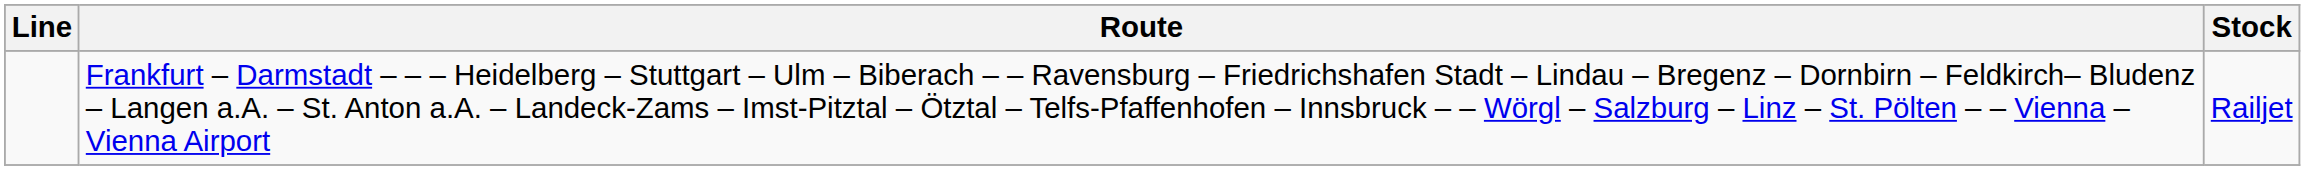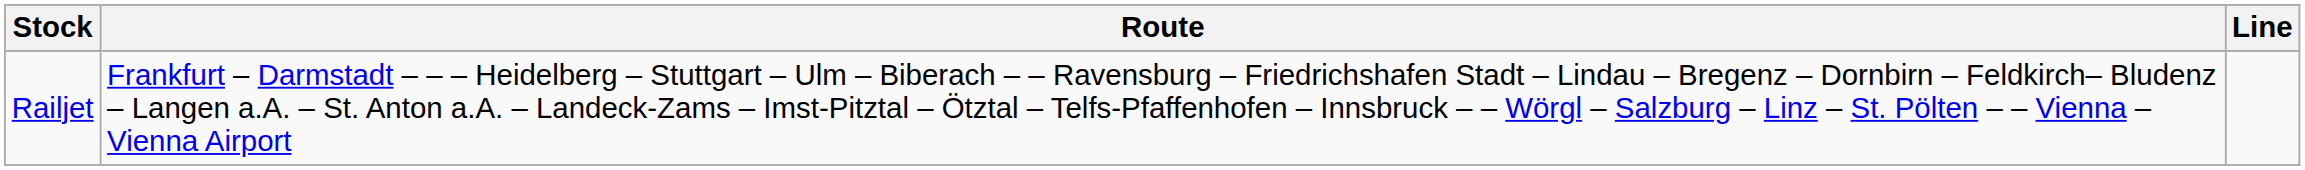 <table class="wikitable">
 <tr>
+<th>Stock</th>
+<th>Route</th>
 <th>Line</th>
-<th>Route</th>
-<th>Stock</th>
 </tr>
 <tr>
+<td><a href='#'>Railjet</a></td>
+<td><a href='#'>Frankfurt</a> – <a href='#'>Darmstadt</a> –  –  – Heidelberg – Stuttgart – Ulm – Biberach –  – Ravensburg – Friedrichshafen Stadt – Lindau – Bregenz – Dornbirn – Feldkirch– Bludenz – Langen a.A. – St. Anton a.A. – Landeck-Zams – Imst-Pitztal – Ötztal – Telfs-Pfaffenhofen – Innsbruck –  – <a href='#'>Wörgl</a> – <a href='#'>Salzburg</a> – <a href='#'>Linz</a> – <a href='#'>St. Pölten</a>  –  – <a href='#'>Vienna</a> – <a href='#'>Vienna Airport</a></td>
 <td></td>
-<td><a href='#'>Frankfurt</a> – <a href='#'>Darmstadt</a> –  –  – Heidelberg – Stuttgart – Ulm – Biberach –  – Ravensburg – Friedrichshafen Stadt – Lindau – Bregenz – Dornbirn – Feldkirch– Bludenz – Langen a.A. – St. Anton a.A. – Landeck-Zams – Imst-Pitztal – Ötztal – Telfs-Pfaffenhofen – Innsbruck –  – <a href='#'>Wörgl</a> – <a href='#'>Salzburg</a> – <a href='#'>Linz</a> – <a href='#'>St. Pölten</a>  –  – <a href='#'>Vienna</a> – <a href='#'>Vienna Airport</a></td>
-<td><a href='#'>Railjet</a></td>
 </tr>
 </table>
